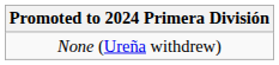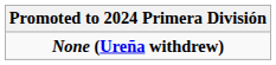 <table class="wikitable">
 <tr>
 <th colspan=2>Promoted to 2024 Primera División</th>
 </tr>
 <tr>
-<td align=center><em>None</em> (<a href='#'>Ureña</a> withdrew)</td>
+<td align=center><strong><em>None</em> (<a href='#'>Ureña</a> withdrew)</strong></td>
 </tr>
 </table>
